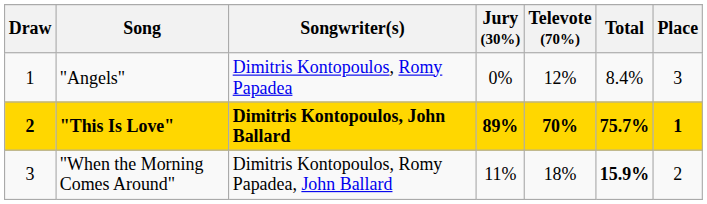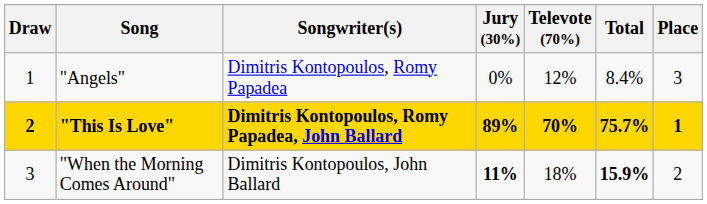 <table class="sortable wikitable" style="margin: 1em auto 1em auto; text-align:center">
 <tr>
 </tr>
 <tr>
 <th>Draw</th>
 <th>Song</th>
 <th>Songwriter(s)</th>
 <th>Jury<br><small>(30%)</small></th>
 <th>Televote<br><small>(70%)</small></th>
 <th>Total</th>
 <th>Place</th>
 </tr>
 <tr>
 <td>1</td>
 <td align="left">"Angels"</td>
 <td align="left"><a href='#'>Dimitris Kontopoulos</a>, <a href='#'>Romy Papadea</a></td>
 <td>0%</td>
 <td>12%</td>
 <td>8.4%</td>
 <td>3</td>
 </tr>
 <tr style="font-weight:bold; background:gold;">
 <td>2</td>
 <td align="left">"This Is Love"</td>
-<td align="left">Dimitris Kontopoulos, John Ballard</td>
+<td align="left">Dimitris Kontopoulos, Romy Papadea, <a href='#'>John Ballard</a></td>
 <td>89%</td>
 <td>70%</td>
 <td>75.7%</td>
 <td>1</td>
 </tr>
 <tr>
 <td>3</td>
 <td align="left">"When the Morning Comes Around"</td>
-<td align="left">Dimitris Kontopoulos, Romy Papadea, <a href='#'>John Ballard</a></td>
-<td>11%</td>
+<td align="left">Dimitris Kontopoulos, John Ballard</td>
+<td><strong>11%</strong></td>
 <td>18%</td>
 <td><strong>15.9%</strong></td>
 <td>2</td>
 </tr>
 </table>
